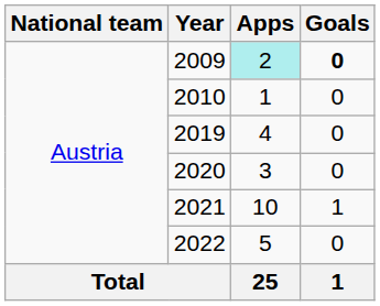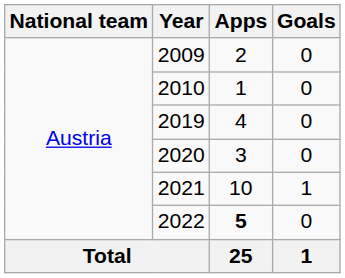 <table class="wikitable" style="text-align: center;">
 <tr>
 <th>National team</th>
 <th>Year</th>
 <th>Apps</th>
 <th>Goals</th>
 </tr>
 <tr>
 <td rowspan="6"><a href='#'>Austria</a></td>
 <td>2009</td>
-<td style="background: paleturquoise;">2</td>
-<td><strong>0</strong></td>
+<td>2</td>
+<td>0</td>
 </tr>
 <tr>
 <td>2010</td>
 <td>1</td>
 <td>0</td>
 </tr>
 <tr>
 <td>2019</td>
 <td>4</td>
 <td>0</td>
 </tr>
 <tr>
 <td>2020</td>
 <td>3</td>
 <td>0</td>
 </tr>
 <tr>
 <td>2021</td>
 <td>10</td>
 <td>1</td>
 </tr>
 <tr>
 <td>2022</td>
-<td>5</td>
+<td><strong>5</strong></td>
 <td>0</td>
 </tr>
 <tr>
 <th colspan="2">Total</th>
 <th>25</th>
 <th>1</th>
 </tr>
 </table>
